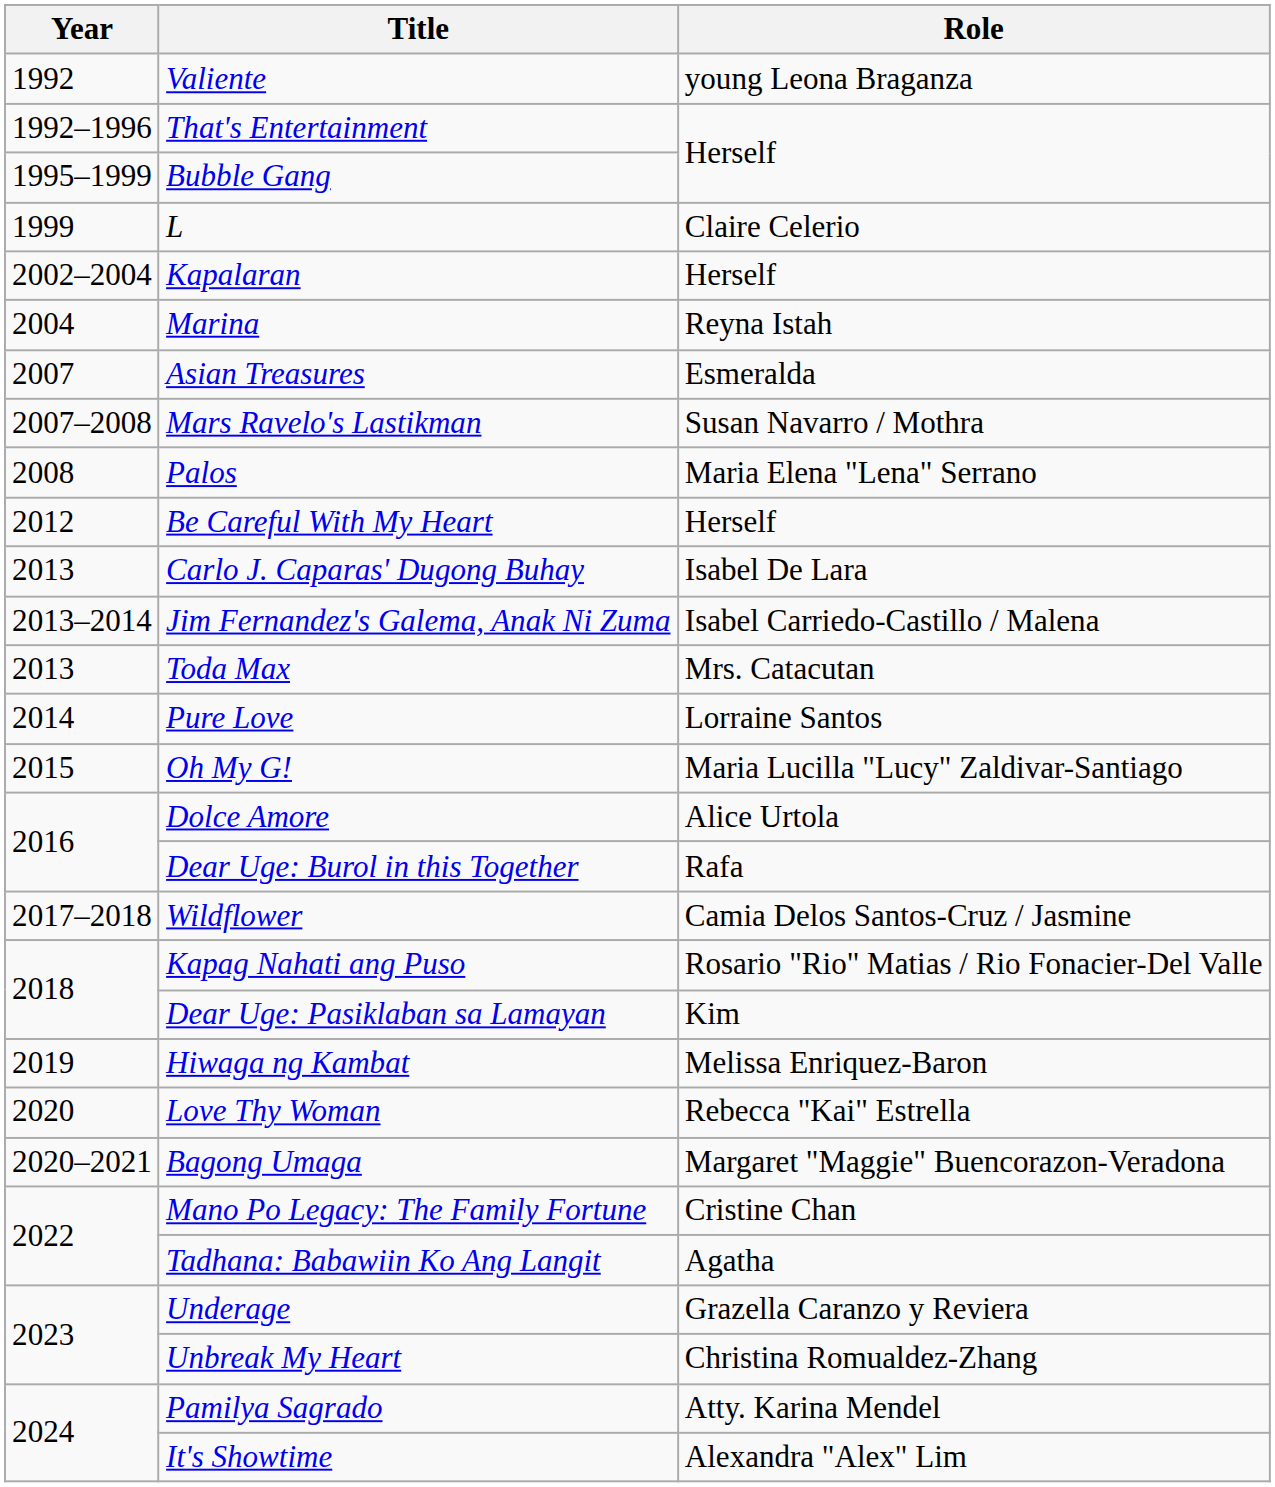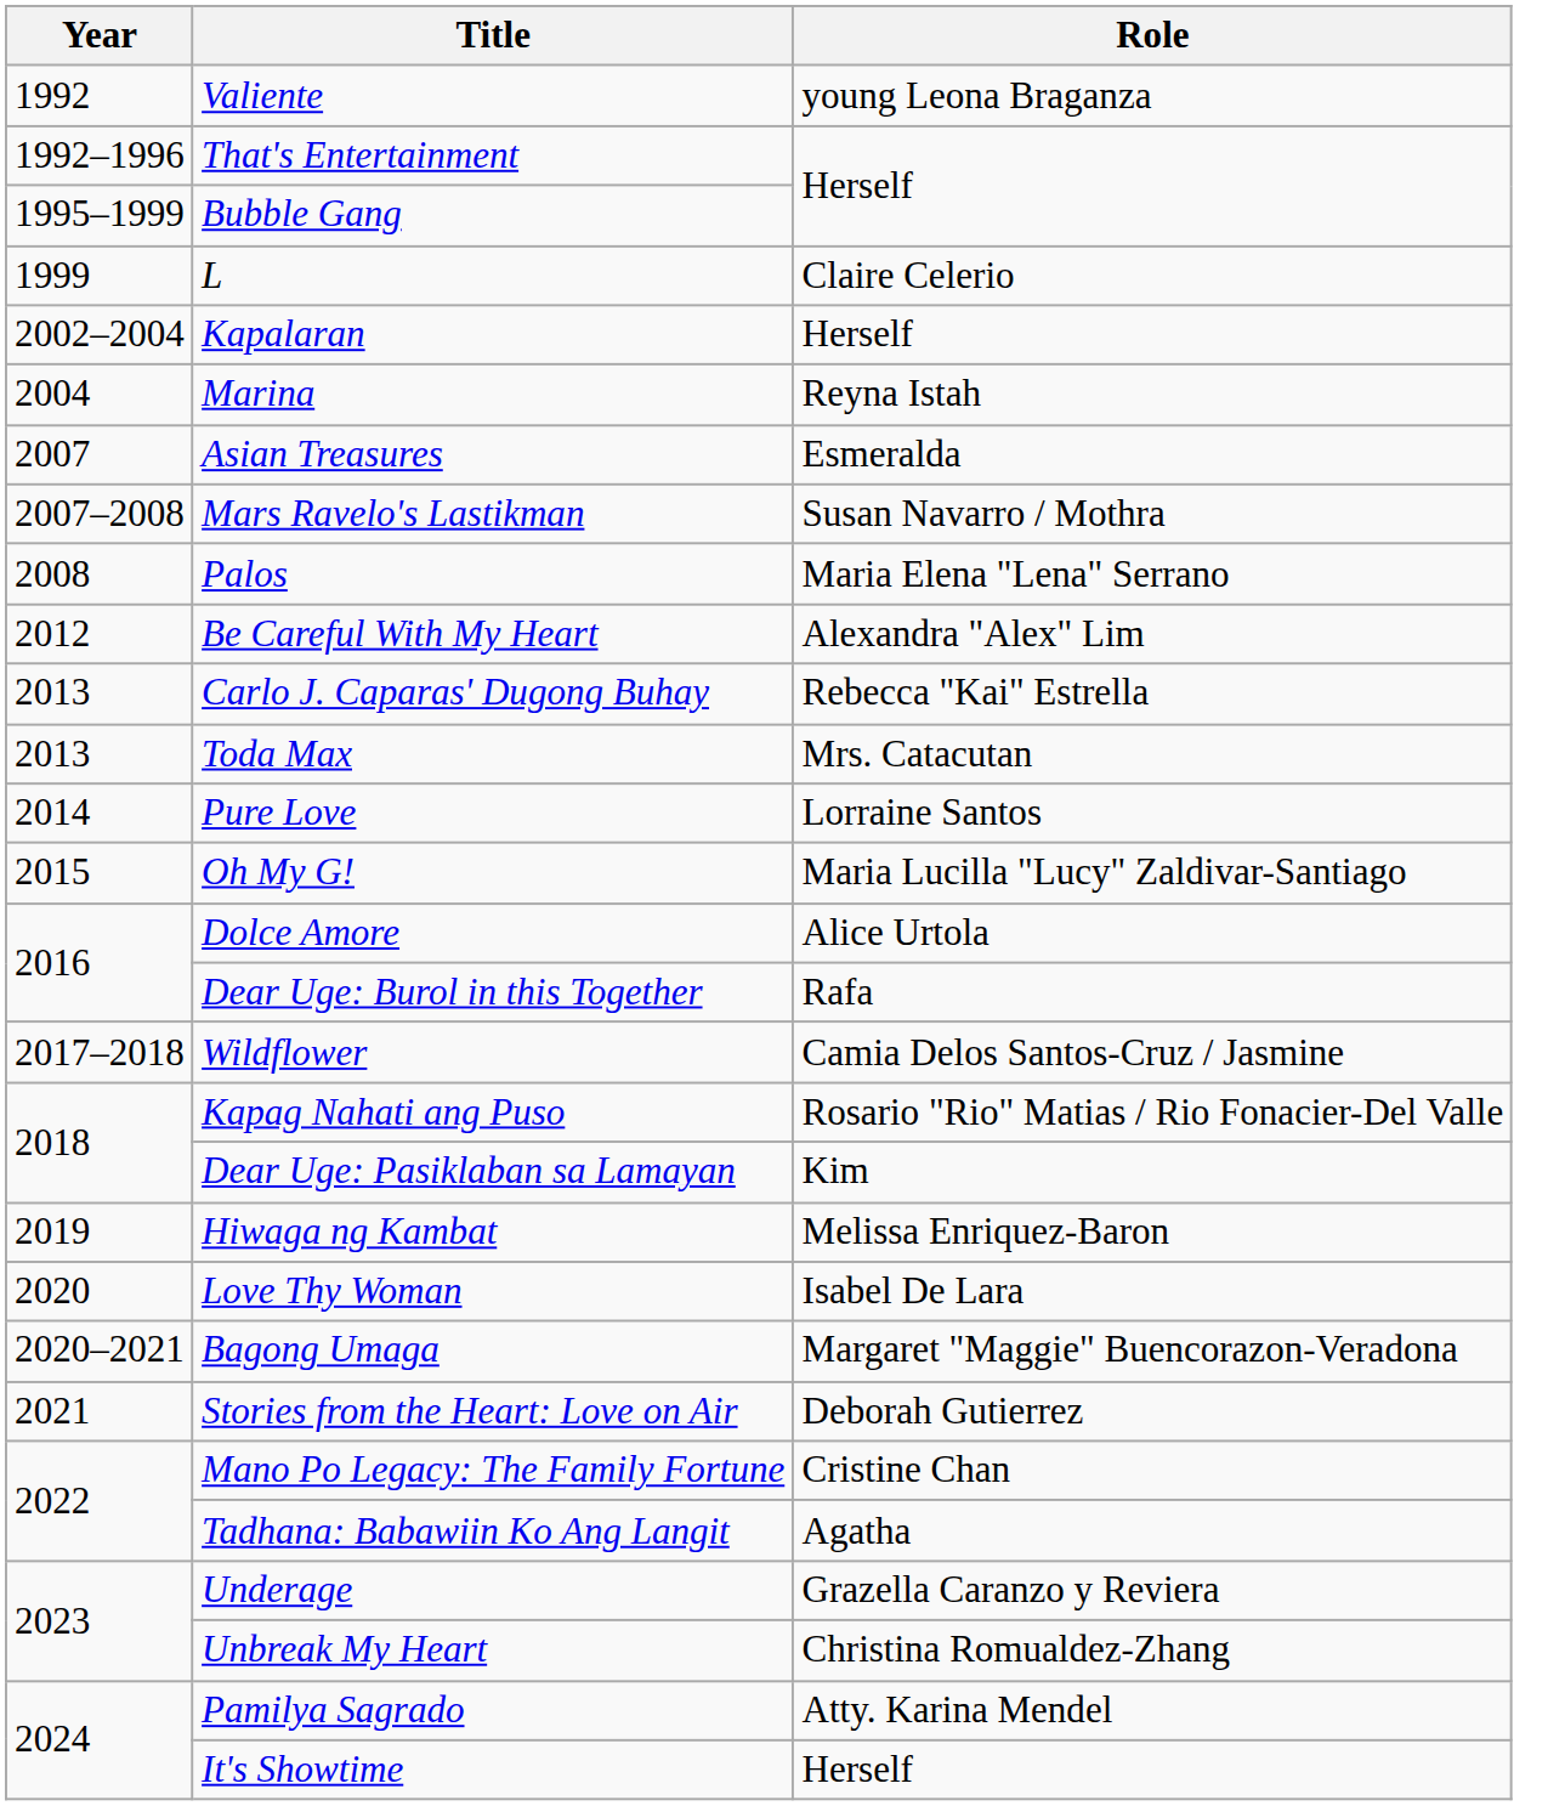 <table class="wikitable sortable">
 <tr>
 <th>Year</th>
 <th>Title</th>
 <th>Role</th>
 </tr>
 <tr>
 <td>1992</td>
 <td><em><a href='#'>Valiente</a></em></td>
 <td>young Leona Braganza</td>
 </tr>
 <tr>
 <td>1992–1996</td>
 <td><em><a href='#'>That's Entertainment</a></em></td>
 <td rowspan="2">Herself</td>
 </tr>
 <tr>
 <td>1995–1999</td>
 <td><em><a href='#'>Bubble Gang</a></em></td>
 </tr>
 <tr>
 <td>1999</td>
 <td><em>L</em></td>
 <td>Claire Celerio</td>
 </tr>
 <tr>
 <td>2002–2004</td>
 <td><em><a href='#'>Kapalaran</a></em></td>
 <td>Herself</td>
 </tr>
 <tr>
 <td>2004</td>
 <td><em><a href='#'>Marina</a></em></td>
 <td>Reyna Istah</td>
 </tr>
 <tr>
 <td>2007</td>
 <td><em><a href='#'>Asian Treasures</a></em></td>
 <td>Esmeralda</td>
 </tr>
 <tr>
 <td>2007–2008</td>
 <td><em><a href='#'>Mars Ravelo's Lastikman</a></em></td>
 <td>Susan Navarro / Mothra</td>
 </tr>
 <tr>
 <td>2008</td>
 <td><em><a href='#'>Palos</a></em></td>
 <td>Maria Elena "Lena" Serrano</td>
 </tr>
 <tr>
 <td>2012</td>
 <td><em><a href='#'>Be Careful With My Heart</a></em></td>
-<td>Herself</td>
+<td>Alexandra "Alex" Lim</td>
 </tr>
 <tr>
 <td>2013</td>
 <td><em><a href='#'>Carlo J. Caparas' Dugong Buhay</a></em></td>
-<td>Isabel De Lara</td>
-</tr>
-<tr>
-<td>2013–2014</td>
-<td><em><a href='#'>Jim Fernandez's Galema, Anak Ni Zuma</a></em></td>
-<td>Isabel Carriedo-Castillo / Malena</td>
+<td>Rebecca "Kai" Estrella</td>
 </tr>
 <tr>
 <td>2013</td>
 <td><em><a href='#'>Toda Max</a></em></td>
 <td>Mrs. Catacutan</td>
 </tr>
 <tr>
 <td>2014</td>
 <td><em><a href='#'>Pure Love</a></em></td>
 <td>Lorraine Santos</td>
 </tr>
 <tr>
 <td>2015</td>
 <td><em><a href='#'>Oh My G!</a></em></td>
 <td>Maria Lucilla "Lucy" Zaldivar-Santiago</td>
 </tr>
 <tr>
 <td rowspan="2">2016</td>
 <td><em><a href='#'>Dolce Amore</a></em></td>
 <td>Alice Urtola</td>
 </tr>
 <tr>
 <td><em><a href='#'>Dear Uge: Burol in this Together</a></em></td>
 <td>Rafa</td>
 </tr>
 <tr>
 <td>2017–2018</td>
 <td><em><a href='#'>Wildflower</a></em></td>
 <td>Camia Delos Santos-Cruz / Jasmine</td>
 </tr>
 <tr>
 <td rowspan="2">2018</td>
 <td><em><a href='#'>Kapag Nahati ang Puso</a></em></td>
 <td>Rosario "Rio" Matias / Rio Fonacier-Del Valle</td>
 </tr>
 <tr>
 <td><em><a href='#'>Dear Uge: Pasiklaban sa Lamayan</a></em></td>
 <td>Kim</td>
 </tr>
 <tr>
 <td>2019</td>
 <td><em><a href='#'>Hiwaga ng Kambat</a></em></td>
 <td>Melissa Enriquez-Baron</td>
 </tr>
 <tr>
 <td>2020</td>
 <td><em><a href='#'>Love Thy Woman</a></em></td>
-<td>Rebecca "Kai" Estrella</td>
+<td>Isabel De Lara</td>
 </tr>
 <tr>
 <td>2020–2021</td>
 <td><em><a href='#'>Bagong Umaga</a></em></td>
 <td>Margaret "Maggie" Buencorazon-Veradona</td>
+</tr>
+<tr>
+<td>2021</td>
+<td><em><a href='#'>Stories from the Heart: Love on Air</a></em></td>
+<td>Deborah Gutierrez</td>
 </tr>
 <tr>
 <td rowspan="2">2022</td>
 <td><em><a href='#'>Mano Po Legacy: The Family Fortune</a></em></td>
 <td>Cristine Chan</td>
 </tr>
 <tr>
 <td><em><a href='#'>Tadhana: Babawiin Ko Ang Langit</a></em></td>
 <td>Agatha</td>
 </tr>
 <tr>
 <td rowspan="2">2023</td>
 <td><em><a href='#'>Underage</a></em></td>
 <td>Grazella Caranzo y Reviera</td>
 </tr>
 <tr>
 <td><em><a href='#'>Unbreak My Heart</a></em></td>
 <td>Christina Romualdez-Zhang</td>
 </tr>
 <tr>
 <td rowspan="2">2024</td>
 <td><em><a href='#'>Pamilya Sagrado</a></em></td>
 <td>Atty. Karina Mendel</td>
 </tr>
 <tr>
 <td><em><a href='#'>It's Showtime</a></em></td>
-<td>Alexandra "Alex" Lim</td>
+<td>Herself</td>
 </tr>
 </table>
